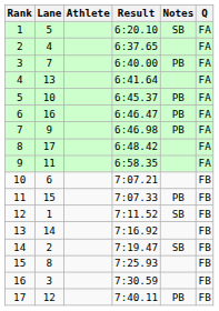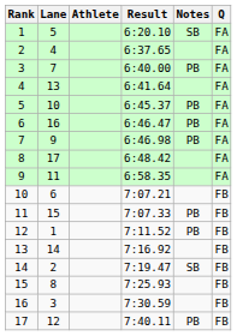 <table class="wikitable sortable" style="text-align:center">
 <tr>
 <th>Rank</th>
 <th>Lane</th>
 <th>Athlete</th>
 <th>Result</th>
 <th>Notes</th>
 <th>Q</th>
 </tr>
 <tr bgcolor=ccffcc>
 <td>1</td>
 <td>5</td>
 <td align=left></td>
 <td>6:20.10</td>
 <td>SB</td>
 <td>FA</td>
 </tr>
 <tr bgcolor=ccffcc>
 <td>2</td>
 <td>4</td>
 <td align=left></td>
 <td>6:37.65</td>
 <td></td>
 <td>FA</td>
 </tr>
 <tr bgcolor=ccffcc>
 <td>3</td>
 <td>7</td>
 <td align=left></td>
 <td>6:40.00</td>
 <td>PB</td>
 <td>FA</td>
 </tr>
 <tr bgcolor=ccffcc>
 <td>4</td>
 <td>13</td>
 <td align=left></td>
 <td>6:41.64</td>
 <td></td>
 <td>FA</td>
 </tr>
 <tr bgcolor=ccffcc>
 <td>5</td>
 <td>10</td>
 <td align=left></td>
 <td>6:45.37</td>
 <td>PB</td>
 <td>FA</td>
 </tr>
 <tr bgcolor=ccffcc>
 <td>6</td>
 <td>16</td>
 <td align=left></td>
 <td>6:46.47</td>
 <td>PB</td>
 <td>FA</td>
 </tr>
 <tr bgcolor=ccffcc>
 <td>7</td>
 <td>9</td>
 <td align=left></td>
 <td>6:46.98</td>
 <td>PB</td>
 <td>FA</td>
 </tr>
 <tr bgcolor=ccffcc>
 <td>8</td>
 <td>17</td>
 <td align=left></td>
 <td>6:48.42</td>
 <td></td>
 <td>FA</td>
 </tr>
 <tr bgcolor=ccffcc>
 <td>9</td>
 <td>11</td>
 <td align=left></td>
 <td>6:58.35</td>
 <td></td>
 <td>FA</td>
 </tr>
 <tr>
 <td>10</td>
 <td>6</td>
 <td align=left></td>
 <td>7:07.21</td>
 <td></td>
 <td>FB</td>
 </tr>
 <tr>
 <td>11</td>
 <td>15</td>
 <td align=left></td>
 <td>7:07.33</td>
 <td>PB</td>
 <td>FB</td>
 </tr>
 <tr>
 <td>12</td>
 <td>1</td>
 <td align=left></td>
 <td>7:11.52</td>
-<td>SB</td>
+<td>PB</td>
 <td>FB</td>
 </tr>
 <tr>
 <td>13</td>
 <td>14</td>
 <td align=left></td>
 <td>7:16.92</td>
 <td></td>
 <td>FB</td>
 </tr>
 <tr>
 <td>14</td>
 <td>2</td>
 <td align=left></td>
 <td>7:19.47</td>
 <td>SB</td>
 <td>FB</td>
 </tr>
 <tr>
 <td>15</td>
 <td>8</td>
 <td align=left></td>
 <td>7:25.93</td>
 <td></td>
 <td>FB</td>
 </tr>
 <tr>
 <td>16</td>
 <td>3</td>
 <td align=left></td>
 <td>7:30.59</td>
 <td></td>
 <td>FB</td>
 </tr>
 <tr>
 <td>17</td>
 <td>12</td>
 <td align=left></td>
 <td>7:40.11</td>
 <td>PB</td>
 <td>FB</td>
 </tr>
 </table>
